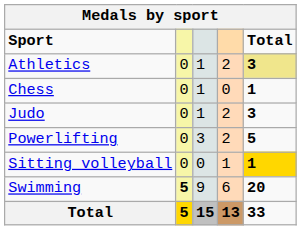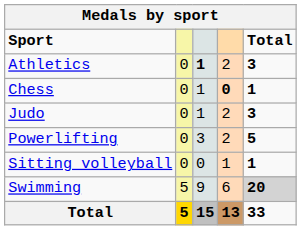 <table class=wikitable style="font-size:95%; ">
 <tr bgcolor=EFEFEF>
 <th colspan=7>Medals by sport</th>
 </tr>
 <tr>
 <td><strong>Sport</strong></td>
 <td bgcolor=F7F6A8></td>
 <td bgcolor=DCE5E5></td>
 <td bgcolor=FFDBA9></td>
 <td><strong>Total</strong></td>
 </tr>
 <tr>
 <td><a href='#'>Athletics</a></td>
 <td bgcolor=F7F6A8>0</td>
-<td bgcolor=DCE5E5>1</td>
+<td bgcolor=DCE5E5><strong>1</strong></td>
 <td bgcolor=FFDAB9>2</td>
-<td style="background: khaki;"><strong>3</strong></td>
+<td><strong>3</strong></td>
 </tr>
 <tr>
 <td><a href='#'>Chess</a></td>
 <td bgcolor=F7F6A8>0</td>
 <td bgcolor=DCE5E5>1</td>
-<td bgcolor=FFDAB9>0</td>
+<td bgcolor=FFDAB9><strong>0</strong></td>
 <td><strong>1</strong></td>
 </tr>
 <tr>
 <td><a href='#'>Judo</a></td>
 <td bgcolor=F7F6A8>0</td>
 <td bgcolor=DCE5E5>1</td>
 <td bgcolor=FFDAB9>2</td>
 <td><strong>3</strong></td>
 </tr>
 <tr>
 <td><a href='#'>Powerlifting</a></td>
 <td bgcolor=F7F6A8>0</td>
 <td bgcolor=DCE5E5>3</td>
 <td bgcolor=FFDAB9>2</td>
 <td><strong>5</strong></td>
 </tr>
 <tr>
 <td><a href='#'>Sitting volleyball</a></td>
 <td bgcolor=F7F6A8>0</td>
 <td bgcolor=DCE5E5>0</td>
 <td bgcolor=FFDAB9>1</td>
-<td style="background: gold;"><strong>1</strong></td>
+<td><strong>1</strong></td>
 </tr>
 <tr>
 <td><a href='#'>Swimming</a></td>
-<td bgcolor=F7F6A8><strong>5</strong></td>
+<td bgcolor=F7F6A8>5</td>
 <td bgcolor=DCE5E5>9</td>
 <td bgcolor=FFDAB9>6</td>
-<td><strong>20</strong></td>
+<td style="background: lightgrey;"><strong>20</strong></td>
 </tr>
 <tr>
 <th>Total</th>
 <td style="background:gold;"><strong>5</strong></td>
 <td style="background:silver;"><strong>15</strong></td>
 <td style="background:#c96;"><strong>13</strong></td>
 <td><strong>33</strong></td>
 </tr>
 </table>
